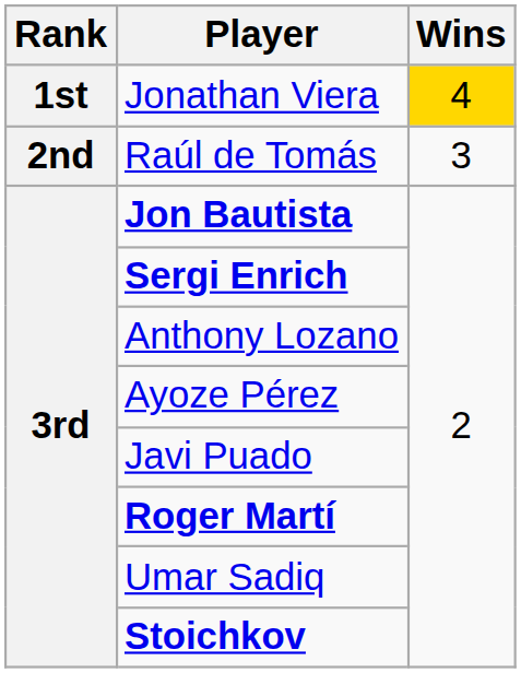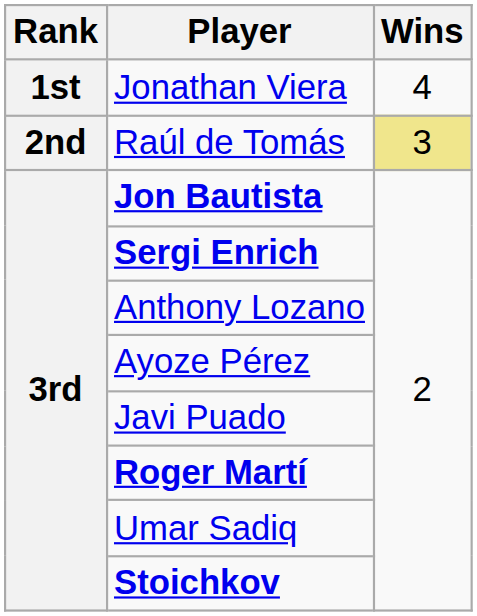 <table class="wikitable plainrowheaders">
 <tr>
 <th scope=col>Rank</th>
 <th scope=col>Player</th>
 <th scope=col>Wins</th>
 </tr>
 <tr>
 <th scope=row style=text-align:center>1st</th>
 <td> <a href='#'>Jonathan Viera</a></td>
-<td align=center style="background: gold;">4</td>
+<td align=center>4</td>
 </tr>
 <tr>
 <th scope=row style=text-align:center>2nd</th>
 <td> <a href='#'>Raúl de Tomás</a></td>
-<td align=center>3</td>
+<td align=center style="background: khaki;">3</td>
 </tr>
 <tr>
 <th scope=row rowspan=8 style=text-align:center>3rd</th>
 <td> <strong><a href='#'>Jon Bautista</a></strong></td>
 <td rowspan=8 align=center>2</td>
 </tr>
 <tr>
 <td> <strong><a href='#'>Sergi Enrich</a></strong></td>
 </tr>
 <tr>
 <td> <a href='#'>Anthony Lozano</a></td>
 </tr>
 <tr>
 <td> <a href='#'>Ayoze Pérez</a></td>
 </tr>
 <tr>
 <td> <a href='#'>Javi Puado</a></td>
 </tr>
 <tr>
 <td> <strong><a href='#'>Roger Martí</a></strong></td>
 </tr>
 <tr>
 <td> <a href='#'>Umar Sadiq</a></td>
 </tr>
 <tr>
 <td> <strong><a href='#'>Stoichkov</a></strong></td>
 </tr>
 </table>
